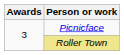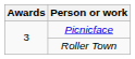 <table class="wikitable sortable" style="text-align:center">
 <tr>
 <th scope="col" style="width:55px;">Awards</th>
 <th scope="col" style="text-align:center;">Person or work</th>
 </tr>
 <tr>
 <td rowspan=2 style="text-align:center">3</td>
 <td><em><a href='#'>Picnicface</a></em></td>
 </tr>
 <tr>
-<td style="background: khaki;"><em>Roller Town</em></td>
+<td><em>Roller Town</em></td>
 </tr>
 </table>
